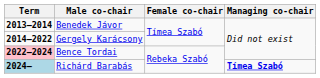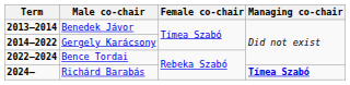 <table class="wikitable">
 <tr>
 <th>Term</th>
 <th>Male co-chair</th>
 <th>Female co-chair</th>
 <th>Managing co-chair</th>
 </tr>
 <tr>
 <td><strong>2013–2014</strong></td>
 <td><a href='#'>Benedek Jávor</a></td>
 <td rowspan="2"><a href='#'>Tímea Szabó</a></td>
 <td rowspan="3"><em>Did not exist</em></td>
 </tr>
 <tr>
 <td><strong>2014–2022</strong></td>
 <td><a href='#'>Gergely Karácsony</a></td>
 </tr>
 <tr>
-<td style="background: pink;"><strong>2022–2024</strong></td>
+<td><strong>2022–2024</strong></td>
 <td><a href='#'>Bence Tordai</a></td>
 <td rowspan="2"><a href='#'>Rebeka Szabó</a></td>
 </tr>
 <tr>
-<td style="background: lightblue;"><strong>2024–</strong></td>
+<td><strong>2024–</strong></td>
 <td><a href='#'>Richárd Barabás</a></td>
 <td><strong><a href='#'>Tímea Szabó</a></strong></td>
 </tr>
 </table>
